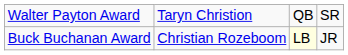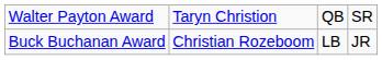 <table class="wikitable">
 <tr>
 <td><a href='#'>Walter Payton Award</a></td>
 <td><a href='#'>Taryn Christion</a></td>
 <td>QB</td>
 <td>SR</td>
 </tr>
 <tr>
 <td><a href='#'>Buck Buchanan Award</a></td>
 <td><a href='#'>Christian Rozeboom</a></td>
-<td style="background: lightyellow;">LB</td>
+<td>LB</td>
 <td>JR</td>
 </tr>
 </table>
